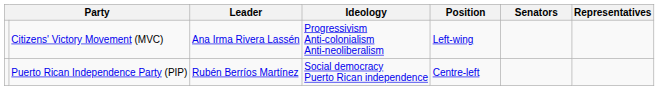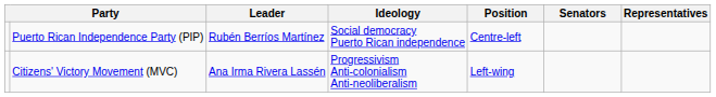 <table class="wikitable" style="font-size:95%; white-space: nowrap">
 <tr>
 <th style="width:200px" colspan="2">Party</th>
 <th style="width:100px">Leader</th>
 <th style="width:120px">Ideology</th>
 <th style="width:100px">Position</th>
 <th style="width:100px">Senators</th>
 <th style="width:100px">Representatives</th>
 </tr>
 <tr>
 <td style="background:"></td>
+<td><a href='#'>Puerto Rican Independence Party</a> (PIP)</td>
+<td><a href='#'>Rubén Berríos Martínez</a></td>
+<td><a href='#'>Social democracy</a><br><a href='#'>Puerto Rican independence</a></td>
+<td><a href='#'>Centre-left</a></td>
+<td></td>
+<td></td>
+</tr>
+<tr>
+<td style="background:"></td>
 <td><a href='#'>Citizens' Victory Movement</a> (MVC)</td>
 <td><a href='#'>Ana Irma Rivera Lassén</a></td>
 <td><a href='#'>Progressivism</a><br><a href='#'>Anti-colonialism</a><br><a href='#'>Anti-neoliberalism</a></td>
 <td><a href='#'>Left-wing</a></td>
 <td></td>
 <td></td>
 </tr>
-<tr>
-<td style="background:"></td>
-<td><a href='#'>Puerto Rican Independence Party</a> (PIP)</td>
-<td><a href='#'>Rubén Berríos Martínez</a></td>
-<td><a href='#'>Social democracy</a><br><a href='#'>Puerto Rican independence</a></td>
-<td><a href='#'>Centre-left</a></td>
-<td></td>
-<td></td>
-</tr>
 </table>
